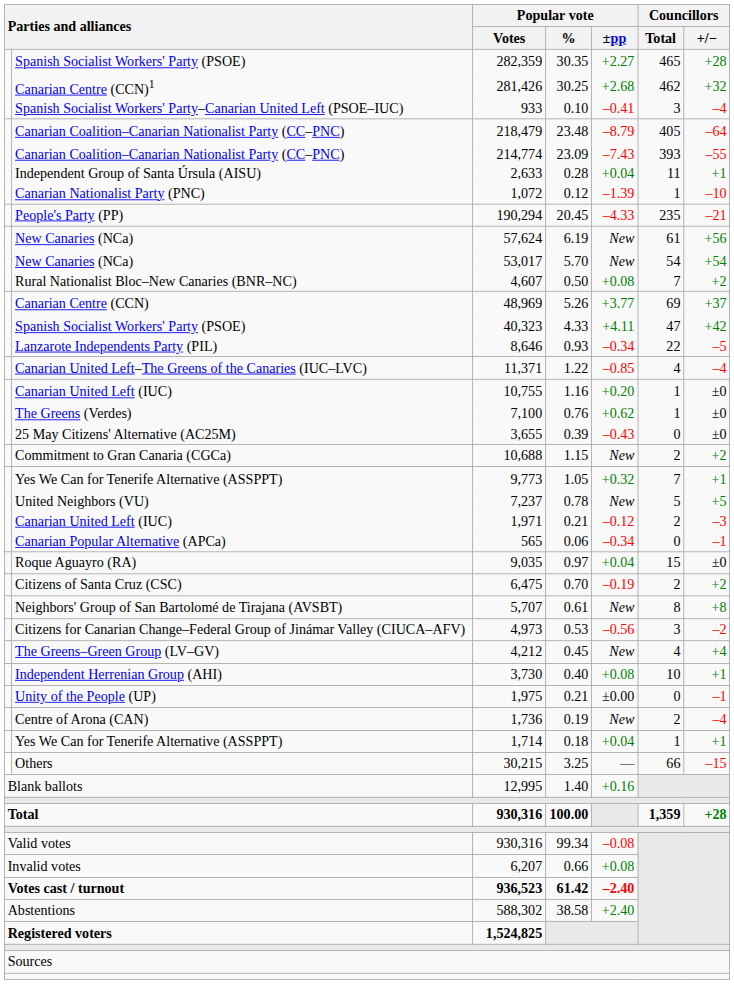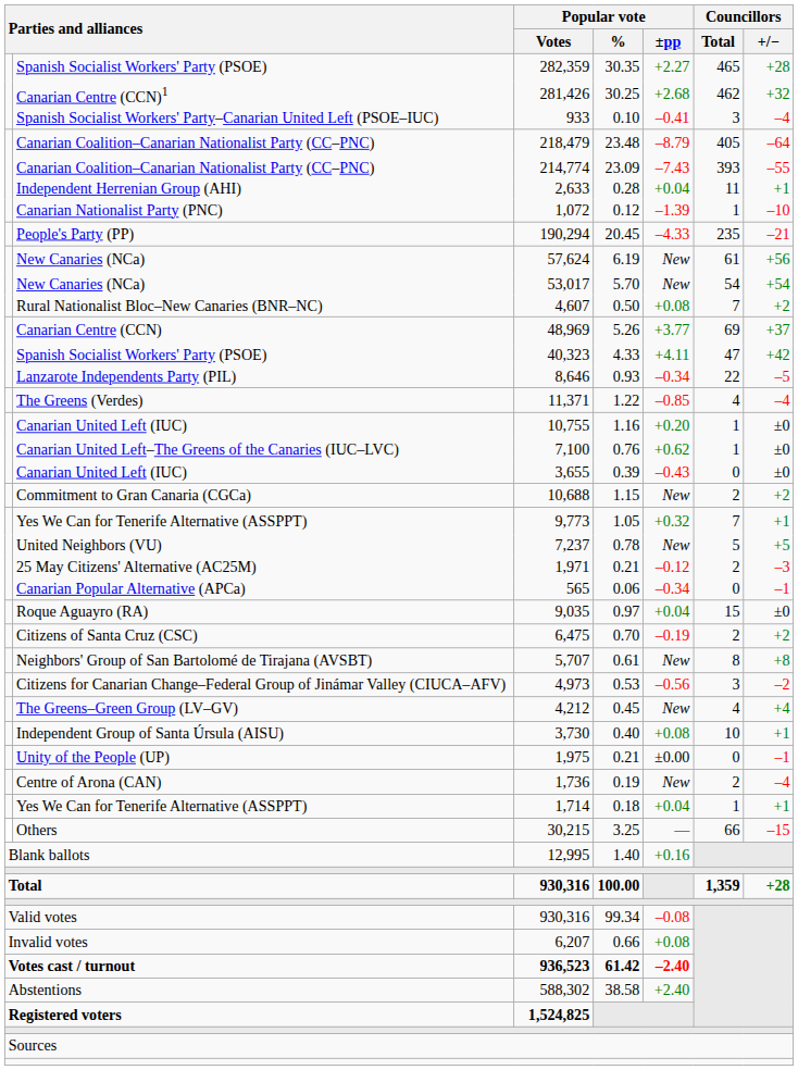 <table class="wikitable" style="text-align:right;">
 <tr>
 <th style="text-align:left;" rowspan="2" colspan="2" width="525">Parties and alliances</th>
 <th colspan="3">Popular vote</th>
 <th colspan="2">Councillors</th>
 </tr>
 <tr>
 <th width="75">Votes</th>
 <th width="45">%</th>
 <th width="45">±<a href='#'>pp</a></th>
 <th width="45">Total</th>
 <th width="45">+/−</th>
 </tr>
 <tr style="line-height:22px;">
 <td width="1" rowspan="3"></td>
 <td align="left"><a href='#'>Spanish Socialist Workers' Party</a> (PSOE)</td>
 <td>282,359</td>
 <td>30.35</td>
 <td style="color:green;">+2.27</td>
 <td>465</td>
 <td style="color:green;">+28</td>
 </tr>
 <tr style="border-bottom-style:hidden; border-top-style:hidden; line-height:16px;">
 <td align="left"><span><a href='#'>Canarian Centre</a> (CCN)<sup>1</sup></span></td>
 <td>281,426</td>
 <td>30.25</td>
 <td style="color:green;">+2.68</td>
 <td>462</td>
 <td style="color:green;">+32</td>
 </tr>
 <tr style="line-height:16px;">
 <td align="left"><span><a href='#'>Spanish Socialist Workers' Party</a>–<a href='#'>Canarian United Left</a> (PSOE–IUC)</span></td>
 <td>933</td>
 <td>0.10</td>
 <td style="color:red;">–0.41</td>
 <td>3</td>
 <td style="color:red;">–4</td>
 </tr>
 <tr style="line-height:22px;">
 <td rowspan="4" style="color:inherit;background:"></td>
 <td align="left"><a href='#'>Canarian Coalition–Canarian Nationalist Party</a> (<a href='#'>CC</a>–<a href='#'>PNC</a>)</td>
 <td>218,479</td>
 <td>23.48</td>
 <td style="color:red;">–8.79</td>
 <td>405</td>
 <td style="color:red;">–64</td>
 </tr>
 <tr style="border-bottom-style:hidden; border-top-style:hidden; line-height:16px;">
 <td align="left"><span><a href='#'>Canarian Coalition–Canarian Nationalist Party</a> (<a href='#'>CC</a>–<a href='#'>PNC</a>)</span></td>
 <td>214,774</td>
 <td>23.09</td>
 <td style="color:red;">–7.43</td>
 <td>393</td>
 <td style="color:red;">–55</td>
 </tr>
 <tr style="border-bottom-style:hidden; line-height:16px;">
-<td align="left">Independent Group of Santa Úrsula (AISU)</td>
+<td align="left"><span><a href='#'>Independent Herrenian Group</a> (AHI)</span></td>
 <td>2,633</td>
 <td>0.28</td>
 <td style="color:green;">+0.04</td>
 <td>11</td>
 <td style="color:green;">+1</td>
 </tr>
 <tr style="line-height:16px;">
 <td align="left"><span><a href='#'>Canarian Nationalist Party</a> (PNC)</span></td>
 <td>1,072</td>
 <td>0.12</td>
 <td style="color:red;">–1.39</td>
 <td>1</td>
 <td style="color:red;">–10</td>
 </tr>
 <tr>
 <td style="color:inherit;background:"></td>
 <td align="left"><a href='#'>People's Party</a> (PP)</td>
 <td>190,294</td>
 <td>20.45</td>
 <td style="color:red;">–4.33</td>
 <td>235</td>
 <td style="color:red;">–21</td>
 </tr>
 <tr style="line-height:22px;">
 <td rowspan="3" style="color:inherit;background:"></td>
 <td align="left"><a href='#'>New Canaries</a> (NCa)</td>
 <td>57,624</td>
 <td>6.19</td>
 <td><em>New</em></td>
 <td>61</td>
 <td style="color:green;">+56</td>
 </tr>
 <tr style="border-bottom-style:hidden; border-top-style:hidden; line-height:16px;">
 <td align="left"><span><a href='#'>New Canaries</a> (NCa)</span></td>
 <td>53,017</td>
 <td>5.70</td>
 <td><em>New</em></td>
 <td>54</td>
 <td style="color:green;">+54</td>
 </tr>
 <tr style="line-height:16px;">
 <td align="left"><span>Rural Nationalist Bloc–New Canaries (BNR–NC)</span></td>
 <td>4,607</td>
 <td>0.50</td>
 <td style="color:green;">+0.08</td>
 <td>7</td>
 <td style="color:green;">+2</td>
 </tr>
 <tr style="line-height:22px;">
 <td rowspan="3" style="color:inherit;background:"></td>
 <td align="left"><a href='#'>Canarian Centre</a> (CCN)</td>
 <td>48,969</td>
 <td>5.26</td>
 <td style="color:green;">+3.77</td>
 <td>69</td>
 <td style="color:green;">+37</td>
 </tr>
 <tr style="border-bottom-style:hidden; border-top-style:hidden; line-height:16px;">
 <td align="left"><span><a href='#'>Spanish Socialist Workers' Party</a> (PSOE)</span></td>
 <td>40,323</td>
 <td>4.33</td>
 <td style="color:green;">+4.11</td>
 <td>47</td>
 <td style="color:green;">+42</td>
 </tr>
 <tr style="line-height:16px;">
 <td align="left"><span><a href='#'>Lanzarote Independents Party</a> (PIL)</span></td>
 <td>8,646</td>
 <td>0.93</td>
 <td style="color:red;">–0.34</td>
 <td>22</td>
 <td style="color:red;">–5</td>
 </tr>
 <tr>
 <td style="color:inherit;background:"></td>
-<td align="left"><span><a href='#'>Canarian United Left</a>–<a href='#'>The Greens of the Canaries</a> (IUC–LVC)</span></td>
+<td align="left"><a href='#'>The Greens</a> (Verdes)</td>
 <td>11,371</td>
 <td>1.22</td>
 <td style="color:red;">–0.85</td>
 <td>4</td>
 <td style="color:red;">–4</td>
 </tr>
 <tr style="line-height:22px;">
 <td rowspan="3" style="color:inherit;background:"></td>
 <td align="left"><a href='#'>Canarian United Left</a> (IUC)</td>
 <td>10,755</td>
 <td>1.16</td>
 <td style="color:green;">+0.20</td>
 <td>1</td>
 <td>±0</td>
 </tr>
 <tr style="border-bottom-style:hidden; border-top-style:hidden; line-height:16px;">
-<td align="left"><a href='#'>The Greens</a> (Verdes)</td>
+<td align="left"><span><a href='#'>Canarian United Left</a>–<a href='#'>The Greens of the Canaries</a> (IUC–LVC)</span></td>
 <td>7,100</td>
 <td>0.76</td>
 <td style="color:green;">+0.62</td>
 <td>1</td>
 <td>±0</td>
 </tr>
 <tr style="line-height:16px;">
-<td align="left"><span>25 May Citizens' Alternative (AC25M)</span></td>
+<td align="left"><span><a href='#'>Canarian United Left</a> (IUC)</span></td>
 <td>3,655</td>
 <td>0.39</td>
 <td style="color:red;">–0.43</td>
 <td>0</td>
 <td>±0</td>
 </tr>
 <tr>
 <td style="color:inherit;background:"></td>
 <td align="left">Commitment to Gran Canaria (CGCa)</td>
 <td>10,688</td>
 <td>1.15</td>
 <td><em>New</em></td>
 <td>2</td>
 <td style="color:green;">+2</td>
 </tr>
 <tr style="line-height:22px;">
 <td rowspan="4" style="color:inherit;background:"></td>
 <td align="left">Yes We Can for Tenerife Alternative (ASSPPT)</td>
 <td>9,773</td>
 <td>1.05</td>
 <td style="color:green;">+0.32</td>
 <td>7</td>
 <td style="color:green;">+1</td>
 </tr>
 <tr style="border-bottom-style:hidden; border-top-style:hidden; line-height:16px;">
 <td align="left">United Neighbors (VU)</td>
 <td>7,237</td>
 <td>0.78</td>
 <td><em>New</em></td>
 <td>5</td>
 <td style="color:green;">+5</td>
 </tr>
 <tr style="border-bottom-style:hidden; line-height:16px;">
-<td align="left"><span><a href='#'>Canarian United Left</a> (IUC)</span></td>
+<td align="left"><span>25 May Citizens' Alternative (AC25M)</span></td>
 <td>1,971</td>
 <td>0.21</td>
 <td style="color:red;">–0.12</td>
 <td>2</td>
 <td style="color:red;">–3</td>
 </tr>
 <tr style="line-height:16px;">
 <td align="left"><span><a href='#'>Canarian Popular Alternative</a> (APCa)</span></td>
 <td>565</td>
 <td>0.06</td>
 <td style="color:red;">–0.34</td>
 <td>0</td>
 <td style="color:red;">–1</td>
 </tr>
 <tr>
 <td style="color:inherit;background:"></td>
 <td align="left">Roque Aguayro (RA)</td>
 <td>9,035</td>
 <td>0.97</td>
 <td style="color:green;">+0.04</td>
 <td>15</td>
 <td>±0</td>
 </tr>
 <tr>
 <td style="color:inherit;background:"></td>
 <td align="left">Citizens of Santa Cruz (CSC)</td>
 <td>6,475</td>
 <td>0.70</td>
 <td style="color:red;">–0.19</td>
 <td>2</td>
 <td style="color:green;">+2</td>
 </tr>
 <tr>
 <td style="color:inherit;background:"></td>
 <td align="left">Neighbors' Group of San Bartolomé de Tirajana (AVSBT)</td>
 <td>5,707</td>
 <td>0.61</td>
 <td><em>New</em></td>
 <td>8</td>
 <td style="color:green;">+8</td>
 </tr>
 <tr>
 <td style="color:inherit;background:"></td>
 <td align="left">Citizens for Canarian Change–Federal Group of Jinámar Valley (CIUCA–AFV)</td>
 <td>4,973</td>
 <td>0.53</td>
 <td style="color:red;">–0.56</td>
 <td>3</td>
 <td style="color:red;">–2</td>
 </tr>
 <tr>
 <td style="color:inherit;background:"></td>
 <td align="left"><a href='#'>The Greens–Green Group</a> (LV–GV)</td>
 <td>4,212</td>
 <td>0.45</td>
 <td><em>New</em></td>
 <td>4</td>
 <td style="color:green;">+4</td>
 </tr>
 <tr>
 <td style="color:inherit;background:"></td>
-<td align="left"><span><a href='#'>Independent Herrenian Group</a> (AHI)</span></td>
+<td align="left">Independent Group of Santa Úrsula (AISU)</td>
 <td>3,730</td>
 <td>0.40</td>
 <td style="color:green;">+0.08</td>
 <td>10</td>
 <td style="color:green;">+1</td>
 </tr>
 <tr>
 <td style="color:inherit;background:"></td>
 <td align="left"><a href='#'>Unity of the People</a> (UP)</td>
 <td>1,975</td>
 <td>0.21</td>
 <td>±0.00</td>
 <td>0</td>
 <td style="color:red;">–1</td>
 </tr>
 <tr>
 <td style="color:inherit;background:"></td>
 <td align="left">Centre of Arona (CAN)</td>
 <td>1,736</td>
 <td>0.19</td>
 <td><em>New</em></td>
 <td>2</td>
 <td style="color:red;">–4</td>
 </tr>
 <tr>
 <td style="color:inherit;background:"></td>
 <td align="left"><span>Yes We Can for Tenerife Alternative (ASSPPT)</span></td>
 <td>1,714</td>
 <td>0.18</td>
 <td style="color:green;">+0.04</td>
 <td>1</td>
 <td style="color:green;">+1</td>
 </tr>
 <tr>
 <td bgcolor="white"></td>
 <td align="left">Others</td>
 <td>30,215</td>
 <td>3.25</td>
 <td>—</td>
 <td>66</td>
 <td style="color:red;">–15</td>
 </tr>
 <tr>
 <td align="left" colspan="2">Blank ballots</td>
 <td>12,995</td>
 <td>1.40</td>
 <td style="color:green;">+0.16</td>
 <td style="color:inherit;background:#E9E9E9" colspan="2"></td>
 </tr>
 <tr>
 <td colspan="7" style="color:inherit;background:#E9E9E9"></td>
 </tr>
 <tr style="font-weight:bold;">
 <td align="left" colspan="2">Total</td>
 <td>930,316</td>
 <td>100.00</td>
 <td bgcolor="#E9E9E9"></td>
 <td>1,359</td>
 <td style="color:green;">+28</td>
 </tr>
 <tr>
 <td colspan="7" style="color:inherit;background:#E9E9E9"></td>
 </tr>
 <tr>
 <td align="left" colspan="2">Valid votes</td>
 <td>930,316</td>
 <td>99.34</td>
 <td style="color:red;">–0.08</td>
 <td bgcolor="#E9E9E9" colspan="2" rowspan="5"></td>
 </tr>
 <tr>
 <td align="left" colspan="2">Invalid votes</td>
 <td>6,207</td>
 <td>0.66</td>
 <td style="color:green;">+0.08</td>
 </tr>
 <tr style="font-weight:bold;">
 <td align="left" colspan="2">Votes cast / turnout</td>
 <td>936,523</td>
 <td>61.42</td>
 <td style="color:red;">–2.40</td>
 </tr>
 <tr>
 <td align="left" colspan="2">Abstentions</td>
 <td>588,302</td>
 <td>38.58</td>
 <td style="color:green;">+2.40</td>
 </tr>
 <tr style="font-weight:bold;">
 <td align="left" colspan="2">Registered voters</td>
 <td>1,524,825</td>
 <td bgcolor="#E9E9E9" colspan="2"></td>
 </tr>
 <tr>
 <td colspan="7" style="color:inherit;background:#E9E9E9"></td>
 </tr>
 <tr>
 <td align="left" colspan="7">Sources</td>
 </tr>
 <tr>
 <td colspan="7" style="text-align:left; max-width:790px;"></td>
 </tr>
 </table>
